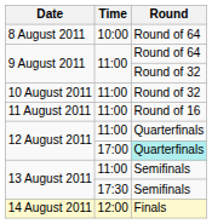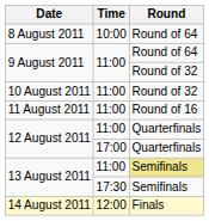 <table class="wikitable">
 <tr>
 <th>Date</th>
 <th>Time</th>
 <th>Round</th>
 </tr>
 <tr>
 <td>8 August 2011</td>
 <td>10:00</td>
 <td>Round of 64</td>
 </tr>
 <tr>
 <td rowspan=2>9 August 2011</td>
 <td rowspan=2>11:00</td>
 <td>Round of 64</td>
 </tr>
 <tr>
 <td>Round of 32</td>
 </tr>
 <tr>
 <td>10 August 2011</td>
 <td>11:00</td>
 <td>Round of 32</td>
 </tr>
 <tr>
 <td>11 August 2011</td>
 <td>11:00</td>
 <td>Round of 16</td>
 </tr>
 <tr>
 <td rowspan=2>12 August 2011</td>
 <td>11:00</td>
 <td>Quarterfinals</td>
 </tr>
 <tr>
 <td>17:00</td>
-<td style="background: paleturquoise;">Quarterfinals</td>
+<td>Quarterfinals</td>
 </tr>
 <tr>
 <td rowspan=2>13 August 2011</td>
 <td>11:00</td>
-<td>Semifinals</td>
+<td style="background: khaki;">Semifinals</td>
 </tr>
 <tr>
 <td>17:30</td>
 <td>Semifinals</td>
 </tr>
 <tr style="background:lemonchiffon">
 <td>14 August 2011</td>
 <td>12:00</td>
 <td>Finals</td>
 </tr>
 </table>
